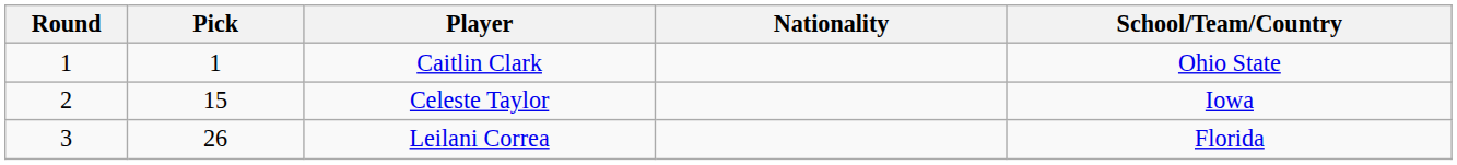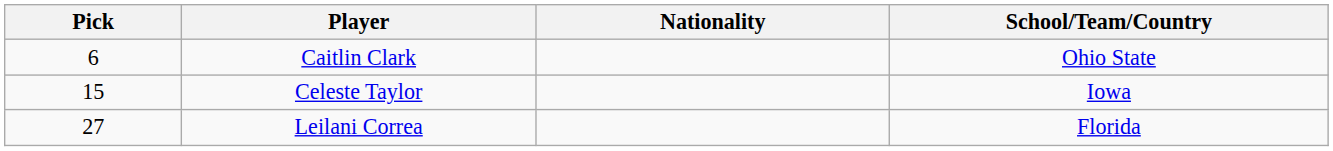 <table class="wikitable" style="text-align:center; width:60em">
 <tr>
-<th width="2%">Round</th>
 <th width="5%">Pick</th>
 <th width="10%">Player</th>
 <th width="10%">Nationality</th>
 <th width="10%">School/Team/Country</th>
 </tr>
 <tr>
-<td>1</td>
-<td>1</td>
+<td>6</td>
 <td><a href='#'>Caitlin Clark</a></td>
 <td></td>
 <td><a href='#'>Ohio State</a></td>
 </tr>
 <tr>
-<td>2</td>
 <td>15</td>
 <td><a href='#'>Celeste Taylor</a></td>
 <td></td>
 <td><a href='#'>Iowa</a></td>
 </tr>
 <tr>
-<td>3</td>
-<td>26</td>
+<td>27</td>
 <td><a href='#'>Leilani Correa</a></td>
 <td></td>
 <td><a href='#'>Florida</a></td>
 </tr>
 </table>
